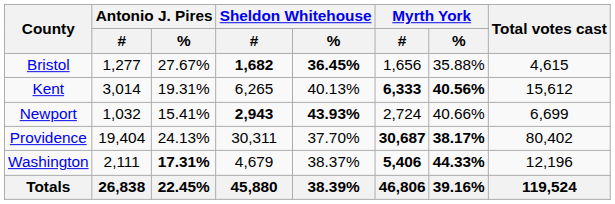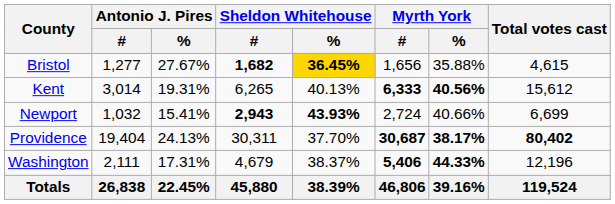 <table class="wikitable sortable">
 <tr>
 <th rowspan="2">County</th>
 <th colspan="2">Antonio J. Pires</th>
 <th colspan="2"><a href='#'>Sheldon Whitehouse</a></th>
 <th colspan="2"><a href='#'>Myrth York</a></th>
 <th rowspan="2">Total votes cast</th>
 </tr>
 <tr>
 <th data-sort-type="number" style="text-align:center;">#</th>
 <th data-sort-type="number" style="text-align:center;">%</th>
 <th data-sort-type="number" style="text-align:center;">#</th>
 <th data-sort-type="number" style="text-align:center;">%</th>
 <th data-sort-type="number" style="text-align:center;">#</th>
 <th data-sort-type="number" style="text-align:center;">%</th>
 </tr>
 <tr style="text-align:center;">
 <td><a href='#'>Bristol</a></td>
 <td>1,277</td>
 <td>27.67%</td>
 <td><strong>1,682</strong></td>
-<td><strong>36.45%</strong></td>
+<td style="background: gold;"><strong>36.45%</strong></td>
 <td>1,656</td>
 <td>35.88%</td>
 <td>4,615</td>
 </tr>
 <tr style="text-align:center;">
 <td><a href='#'>Kent</a></td>
 <td>3,014</td>
 <td>19.31%</td>
 <td>6,265</td>
 <td>40.13%</td>
 <td><strong>6,333</strong></td>
 <td><strong>40.56%</strong></td>
 <td>15,612</td>
 </tr>
 <tr style="text-align:center;">
 <td><a href='#'>Newport</a></td>
 <td>1,032</td>
 <td>15.41%</td>
 <td><strong>2,943</strong></td>
 <td><strong>43.93%</strong></td>
 <td>2,724</td>
 <td>40.66%</td>
 <td>6,699</td>
 </tr>
 <tr style="text-align:center;">
 <td><a href='#'>Providence</a></td>
 <td>19,404</td>
 <td>24.13%</td>
 <td>30,311</td>
 <td>37.70%</td>
 <td><strong>30,687</strong></td>
 <td><strong>38.17%</strong></td>
-<td>80,402</td>
+<td><strong>80,402</strong></td>
 </tr>
 <tr style="text-align:center;">
 <td><a href='#'>Washington</a></td>
 <td>2,111</td>
-<td><strong>17.31%</strong></td>
+<td>17.31%</td>
 <td>4,679</td>
 <td>38.37%</td>
 <td><strong>5,406</strong></td>
 <td><strong>44.33%</strong></td>
 <td>12,196</td>
 </tr>
 <tr style="text-align:center;">
 <th>Totals</th>
 <th>26,838</th>
 <th>22.45%</th>
 <th>45,880</th>
 <th>38.39%</th>
 <th>46,806</th>
 <th>39.16%</th>
 <th>119,524</th>
 </tr>
 </table>
